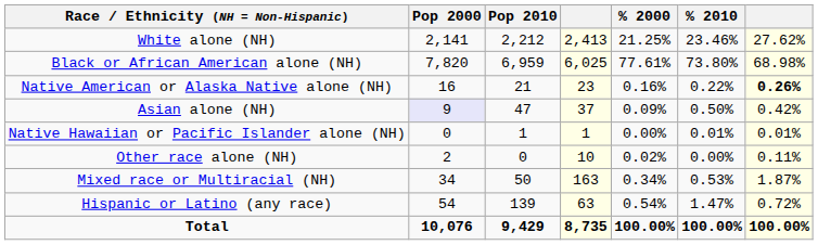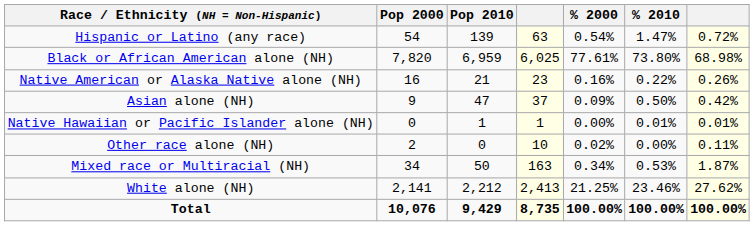 <table class="wikitable" style="text-align:center;">
 <tr>
 <th>Race / Ethnicity <small>(<em>NH = Non-Hispanic</em>)</small></th>
 <th>Pop 2000</th>
 <th>Pop 2010</th>
 <th></th>
 <th>% 2000</th>
 <th>% 2010</th>
 <th></th>
 </tr>
 <tr>
-<td><a href='#'>White</a> alone (NH)</td>
-<td>2,141</td>
-<td>2,212</td>
-<td style='background: #ffffe6;'>2,413</td>
-<td>21.25%</td>
-<td>23.46%</td>
-<td style='background: #ffffe6;'>27.62%</td>
+<td><a href='#'>Hispanic or Latino</a> (any race)</td>
+<td>54</td>
+<td>139</td>
+<td style='background: #ffffe6;'>63</td>
+<td>0.54%</td>
+<td>1.47%</td>
+<td style='background: #ffffe6;'>0.72%</td>
 </tr>
 <tr>
 <td><a href='#'>Black or African American</a> alone (NH)</td>
 <td>7,820</td>
 <td>6,959</td>
 <td style='background: #ffffe6;'>6,025</td>
 <td>77.61%</td>
 <td>73.80%</td>
 <td style='background: #ffffe6;'>68.98%</td>
 </tr>
 <tr>
 <td><a href='#'>Native American</a> or <a href='#'>Alaska Native</a> alone (NH)</td>
 <td>16</td>
 <td>21</td>
 <td style='background: #ffffe6;'>23</td>
 <td>0.16%</td>
 <td>0.22%</td>
-<td style='background: #ffffe6;'><strong>0.26%</strong></td>
+<td style='background: #ffffe6;'>0.26%</td>
 </tr>
 <tr>
 <td><a href='#'>Asian</a> alone (NH)</td>
-<td style="background: lavender;">9</td>
+<td>9</td>
 <td>47</td>
 <td style='background: #ffffe6;'>37</td>
 <td>0.09%</td>
 <td>0.50%</td>
 <td style='background: #ffffe6;'>0.42%</td>
 </tr>
 <tr>
 <td><a href='#'>Native Hawaiian</a> or <a href='#'>Pacific Islander</a> alone (NH)</td>
 <td>0</td>
 <td>1</td>
 <td style='background: #ffffe6;'>1</td>
 <td>0.00%</td>
 <td>0.01%</td>
 <td style='background: #ffffe6;'>0.01%</td>
 </tr>
 <tr>
 <td><a href='#'>Other race</a> alone (NH)</td>
 <td>2</td>
 <td>0</td>
 <td style='background: #ffffe6;'>10</td>
 <td>0.02%</td>
 <td>0.00%</td>
 <td style='background: #ffffe6;'>0.11%</td>
 </tr>
 <tr>
 <td><a href='#'>Mixed race or Multiracial</a> (NH)</td>
 <td>34</td>
 <td>50</td>
 <td style='background: #ffffe6;'>163</td>
 <td>0.34%</td>
 <td>0.53%</td>
 <td style='background: #ffffe6;'>1.87%</td>
 </tr>
 <tr>
-<td><a href='#'>Hispanic or Latino</a> (any race)</td>
-<td>54</td>
-<td>139</td>
-<td style='background: #ffffe6;'>63</td>
-<td>0.54%</td>
-<td>1.47%</td>
-<td style='background: #ffffe6;'>0.72%</td>
+<td><a href='#'>White</a> alone (NH)</td>
+<td>2,141</td>
+<td>2,212</td>
+<td style='background: #ffffe6;'>2,413</td>
+<td>21.25%</td>
+<td>23.46%</td>
+<td style='background: #ffffe6;'>27.62%</td>
 </tr>
 <tr>
 <td><strong>Total</strong></td>
 <td><strong>10,076</strong></td>
 <td><strong>9,429</strong></td>
 <td style='background: #ffffe6;'><strong>8,735</strong></td>
 <td><strong>100.00%</strong></td>
 <td><strong>100.00%</strong></td>
 <td style='background: #ffffe6;'><strong>100.00%</strong></td>
 </tr>
 </table>
